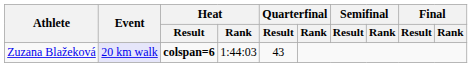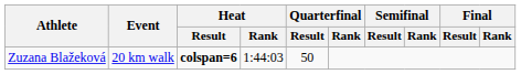 <table class=wikitable style="font-size:90%">
 <tr>
 <th rowspan="2">Athlete</th>
 <th rowspan="2">Event</th>
 <th colspan="2">Heat</th>
 <th colspan="2">Quarterfinal</th>
 <th colspan="2">Semifinal</th>
 <th colspan="2">Final</th>
 </tr>
 <tr style="font-size:95%">
 <th>Result</th>
 <th>Rank</th>
 <th>Result</th>
 <th>Rank</th>
 <th>Result</th>
 <th>Rank</th>
 <th>Result</th>
 <th>Rank</th>
 </tr>
 <tr align=center>
 <td align=left><a href='#'>Zuzana Blažeková</a></td>
-<td align=left style="background: lavender;"><a href='#'>20 km walk</a></td>
+<td align=left><a href='#'>20 km walk</a></td>
 <td><strong>colspan=6 </strong></td>
 <td>1:44:03</td>
-<td>43</td>
+<td>50</td>
 </tr>
 </table>
